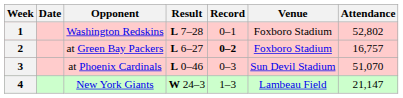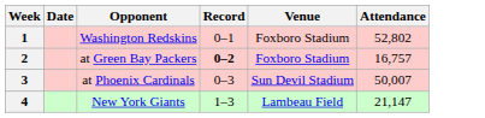 <table class="wikitable" style="text-align:center">
 <tr>
 <th>Week</th>
 <th>Date</th>
 <th>Opponent</th>
-<th>Result</th>
 <th>Record</th>
 <th>Venue</th>
 <th>Attendance</th>
 </tr>
 <tr style="background:#fcc">
 <th>1</th>
 <td></td>
 <td><a href='#'>Washington Redskins</a></td>
-<td><strong>L</strong> 7–28</td>
 <td>0–1</td>
 <td>Foxboro Stadium</td>
 <td>52,802</td>
 </tr>
 <tr style="background:#fcc">
 <th>2</th>
 <td></td>
 <td>at <a href='#'>Green Bay Packers</a></td>
-<td><strong>L</strong> 6–27</td>
 <td><strong>0–2</strong></td>
 <td><a href='#'>Foxboro Stadium</a></td>
 <td>16,757</td>
 </tr>
 <tr style="background:#fcc">
 <th>3</th>
 <td></td>
 <td>at <a href='#'>Phoenix Cardinals</a></td>
-<td><strong>L</strong> 0–46</td>
 <td>0–3</td>
 <td><a href='#'>Sun Devil Stadium</a></td>
-<td>51,070</td>
+<td>50,007</td>
 </tr>
 <tr style="background:#cfc">
 <th>4</th>
 <td></td>
 <td><a href='#'>New York Giants</a></td>
-<td><strong>W</strong> 24–3</td>
 <td>1–3</td>
 <td><a href='#'>Lambeau Field</a></td>
 <td>21,147</td>
 </tr>
 </table>
